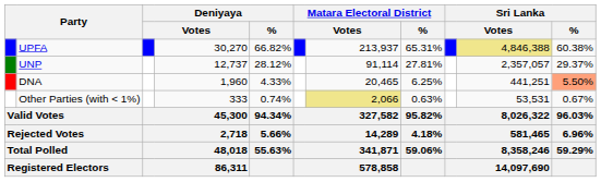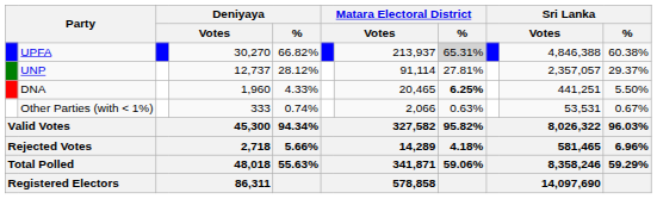 <table class="wikitable">
 <tr>
 <th colspan="2" width="144px"rowspan="2">Party</th>
 <th colspan="3" width="216px">Deniyaya</th>
 <th colspan="3" width="216px"><a href='#'>Matara Electoral District</a></th>
 <th colspan="3" width="216px">Sri Lanka</th>
 </tr>
 <tr>
 <th colspan="2" width="144px">Votes</th>
 <th>%</th>
 <th colspan="2" width="144px">Votes</th>
 <th>%</th>
 <th colspan="2" width="144px">Votes</th>
 <th>%</th>
 </tr>
 <tr>
 <td style="background-color:blue;" width="10px"></td>
 <td style="text-align:left;"><a href='#'>UPFA</a></td>
 <td style="background-color:blue;" width="10px"></td>
 <td style="text-align:right;">30,270</td>
 <td style="text-align:right;">66.82%</td>
 <td style="background-color:blue;" width="10px"></td>
 <td style="text-align:right;">213,937</td>
-<td style="text-align:right;">65.31%</td>
+<td style="background: lightgrey; text-align:right;">65.31%</td>
 <td style="background-color:blue;" width="10px"></td>
-<td style="background: khaki; text-align:right;">4,846,388</td>
+<td style="text-align:right;">4,846,388</td>
 <td style="text-align:right;">60.38%</td>
 </tr>
 <tr>
 <td style="background-color:green;" width="10px"></td>
 <td style="text-align:left;"><a href='#'>UNP</a></td>
 <td style="background-color:white;" width="10px"></td>
 <td style="text-align:right;">12,737</td>
 <td style="text-align:right;">28.12%</td>
 <td style="background-color:white;" width="10px"></td>
 <td style="text-align:right;">91,114</td>
 <td style="text-align:right;">27.81%</td>
 <td style="background-color:white;" width="10px"></td>
 <td style="text-align:right;">2,357,057</td>
 <td style="text-align:right;">29.37%</td>
 </tr>
 <tr>
 <td style="background-color:red;" width="10px"></td>
 <td style="text-align:left;">DNA</td>
 <td style="background-color:white;" width="10px"></td>
 <td style="text-align:right;">1,960</td>
 <td style="text-align:right;">4.33%</td>
 <td style="background-color:white;" width="10px"></td>
 <td style="text-align:right;">20,465</td>
-<td style="text-align:right;">6.25%</td>
+<td style="text-align:right;"><strong>6.25%</strong></td>
 <td style="background-color:white;" width="10px"></td>
 <td style="text-align:right;">441,251</td>
-<td style="background: lightsalmon; text-align:right;">5.50%</td>
+<td style="text-align:right;">5.50%</td>
 </tr>
 <tr>
 <td style="background-color:white;" width="10px"></td>
 <td style="text-align:left;">Other Parties (with < 1%)</td>
 <td style="background-color:white;" width="10px"></td>
 <td style="text-align:right;">333</td>
 <td style="text-align:right;">0.74%</td>
 <td style="background-color:white;" width="10px"></td>
-<td style="background: khaki; text-align:right;">2,066</td>
+<td style="text-align:right;">2,066</td>
 <td style="text-align:right;">0.63%</td>
 <td style="background-color:white;" width="10px"></td>
 <td style="text-align:right;">53,531</td>
 <td style="text-align:right;">0.67%</td>
 </tr>
 <tr>
 <th colspan="2" width="144px"style="text-align:left;">Valid Votes</th>
 <th style="text-align:right;"colspan="2" width="144px">45,300</th>
 <th style="text-align:right;">94.34%</th>
 <th style="text-align:right;"colspan="2" width="144px">327,582</th>
 <th style="text-align:right;">95.82%</th>
 <th style="text-align:right;"colspan="2" width="144px">8,026,322</th>
 <th style="text-align:right;">96.03%</th>
 </tr>
 <tr>
 <th colspan="2" width="144px"style="text-align:left;">Rejected Votes</th>
 <th style="text-align:right;"colspan="2" width="144px">2,718</th>
 <th style="text-align:right;">5.66%</th>
 <th style="text-align:right;"colspan="2" width="144px">14,289</th>
 <th style="text-align:right;">4.18%</th>
 <th style="text-align:right;"colspan="2" width="144px">581,465</th>
 <th style="text-align:right;">6.96%</th>
 </tr>
 <tr>
 <th colspan="2" width="144px"style="text-align:left;">Total Polled</th>
 <th style="text-align:right;"colspan="2" width="144px">48,018</th>
 <th style="text-align:right;">55.63%</th>
 <th style="text-align:right;"colspan="2" width="144px">341,871</th>
 <th style="text-align:right;">59.06%</th>
 <th style="text-align:right;"colspan="2" width="144px">8,358,246</th>
 <th style="text-align:right;">59.29%</th>
 </tr>
 <tr>
 <th colspan="2" width="144px"style="text-align:left;">Registered Electors</th>
 <th style="text-align:right;"colspan="2" width="144px">86,311</th>
 <th></th>
 <th style="text-align:right;"colspan="2" width="144px">578,858</th>
 <th></th>
 <th style="text-align:right;"colspan="2" width="144px">14,097,690</th>
 <th></th>
 </tr>
 </table>
